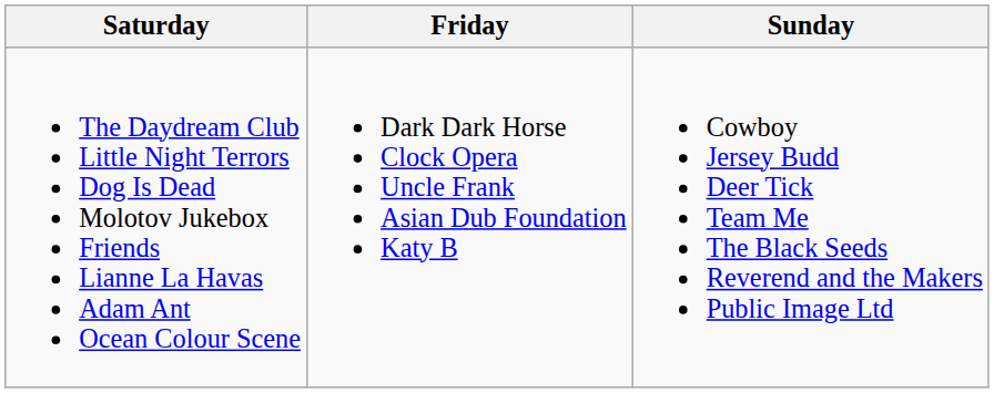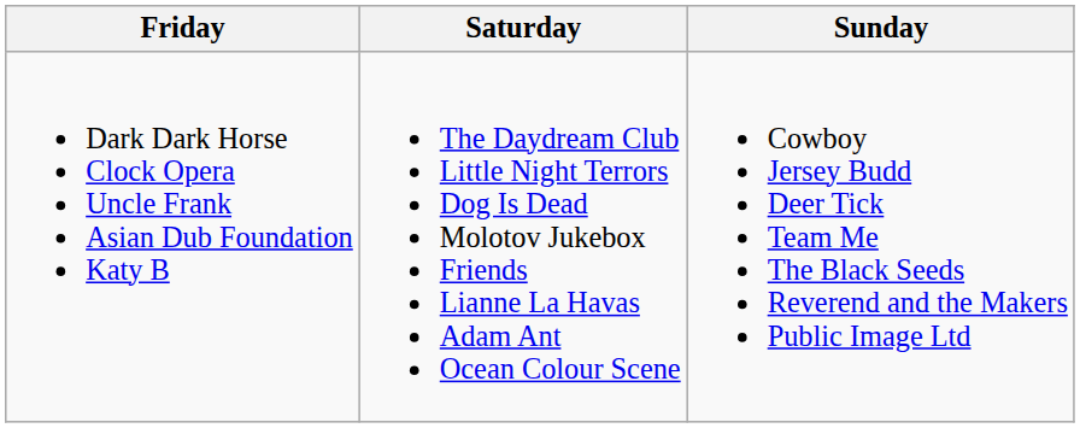 <table class="wikitable">
 <tr>
+<th>Friday</th>
 <th>Saturday</th>
-<th>Friday</th>
 <th>Sunday</th>
 </tr>
 <tr>
+<td valign=top><br><ul><li>Dark Dark Horse</li><li><a href='#'>Clock Opera</a></li><li><a href='#'>Uncle Frank</a></li><li><a href='#'>Asian Dub Foundation</a></li><li><a href='#'>Katy B</a></li></ul></td>
 <td valign=top><br><ul><li><a href='#'>The Daydream Club</a></li><li><a href='#'>Little Night Terrors</a></li><li><a href='#'>Dog Is Dead</a></li><li>Molotov Jukebox</li><li><a href='#'>Friends</a></li><li><a href='#'>Lianne La Havas</a></li><li><a href='#'>Adam Ant</a></li><li><a href='#'>Ocean Colour Scene</a></li></ul></td>
-<td valign=top><br><ul><li>Dark Dark Horse</li><li><a href='#'>Clock Opera</a></li><li><a href='#'>Uncle Frank</a></li><li><a href='#'>Asian Dub Foundation</a></li><li><a href='#'>Katy B</a></li></ul></td>
 <td valign=top><br><ul><li>Cowboy</li><li><a href='#'>Jersey Budd</a></li><li><a href='#'>Deer Tick</a></li><li><a href='#'>Team Me</a></li><li><a href='#'>The Black Seeds</a></li><li><a href='#'>Reverend and the Makers</a></li><li><a href='#'>Public Image Ltd</a></li></ul></td>
 </tr>
 </table>
